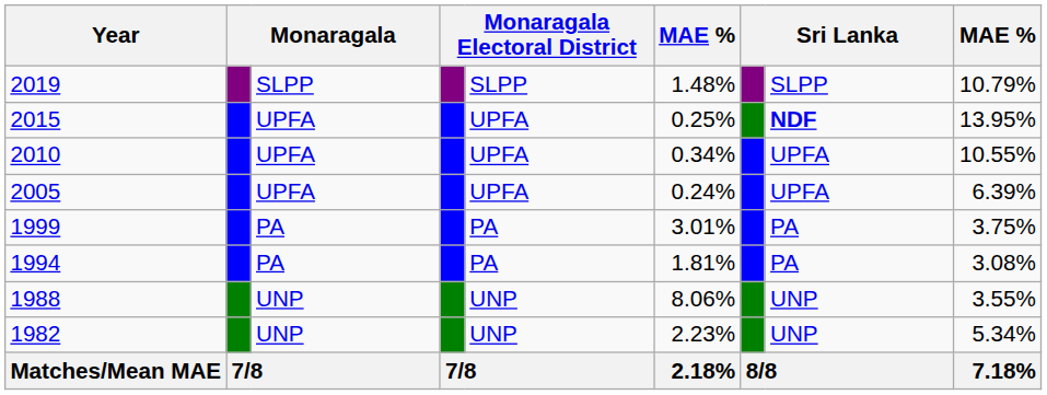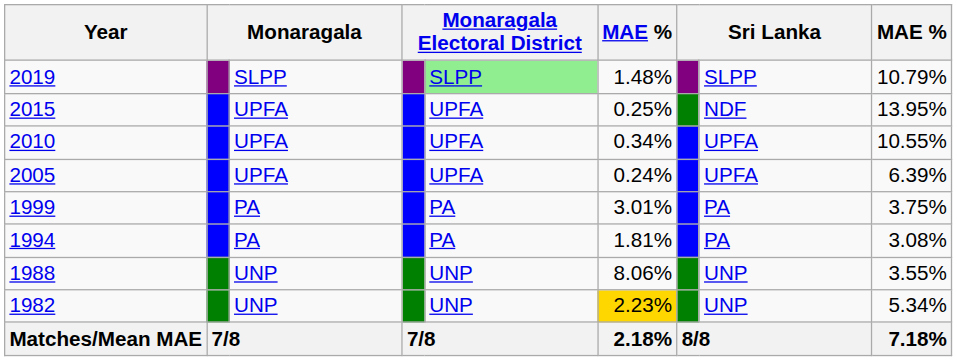 <table class="wikitable">
 <tr>
 <th>Year</th>
 <th colspan="2" width="144px">Monaragala</th>
 <th colspan="2" width="144px"><a href='#'>Monaragala Electoral District</a></th>
 <th><a href='#'>MAE</a> %</th>
 <th colspan="2" width="144px">Sri Lanka</th>
 <th>MAE %</th>
 </tr>
 <tr>
 <td><a href='#'>2019</a></td>
 <td style="background-color:purple;" width="10px"></td>
 <td style="text-align:left;"><a href='#'>SLPP</a></td>
 <td style="background-color:purple;" width="10px"></td>
-<td style="text-align:left;"><a href='#'>SLPP</a></td>
+<td style="background: lightgreen; text-align:left;"><a href='#'>SLPP</a></td>
 <td style="text-align:right;">1.48%</td>
 <td style="background-color:purple;" width="10px"></td>
 <td style="text-align:left;"><a href='#'>SLPP</a></td>
 <td style="text-align:right;">10.79%</td>
 </tr>
 <tr>
 <td><a href='#'>2015</a></td>
 <td style="background-color:blue;" width="10px"></td>
 <td style="text-align:left;"><a href='#'>UPFA</a></td>
 <td style="background-color:blue;" width="10px"></td>
 <td style="text-align:left;"><a href='#'>UPFA</a></td>
 <td style="text-align:right;">0.25%</td>
 <td style="background-color:green;" width="10px"></td>
-<td style="text-align:left;"><strong><a href='#'>NDF</a></strong></td>
+<td style="text-align:left;"><a href='#'>NDF</a></td>
 <td style="text-align:right;">13.95%</td>
 </tr>
 <tr>
 <td><a href='#'>2010</a></td>
 <td style="background-color:blue;" width="10px"></td>
 <td style="text-align:left;"><a href='#'>UPFA</a></td>
 <td style="background-color:blue;" width="10px"></td>
 <td style="text-align:left;"><a href='#'>UPFA</a></td>
 <td style="text-align:right;">0.34%</td>
 <td style="background-color:blue;" width="10px"></td>
 <td style="text-align:left;"><a href='#'>UPFA</a></td>
 <td style="text-align:right;">10.55%</td>
 </tr>
 <tr>
 <td><a href='#'>2005</a></td>
 <td style="background-color:blue;" width="10px"></td>
 <td style="text-align:left;"><a href='#'>UPFA</a></td>
 <td style="background-color:blue;" width="10px"></td>
 <td style="text-align:left;"><a href='#'>UPFA</a></td>
 <td style="text-align:right;">0.24%</td>
 <td style="background-color:blue;" width="10px"></td>
 <td style="text-align:left;"><a href='#'>UPFA</a></td>
 <td style="text-align:right;">6.39%</td>
 </tr>
 <tr>
 <td><a href='#'>1999</a></td>
 <td style="background-color:blue;" width="10px"></td>
 <td style="text-align:left;"><a href='#'>PA</a></td>
 <td style="background-color:blue;" width="10px"></td>
 <td style="text-align:left;"><a href='#'>PA</a></td>
 <td style="text-align:right;">3.01%</td>
 <td style="background-color:blue;" width="10px"></td>
 <td style="text-align:left;"><a href='#'>PA</a></td>
 <td style="text-align:right;">3.75%</td>
 </tr>
 <tr>
 <td><a href='#'>1994</a></td>
 <td style="background-color:blue;" width="10px"></td>
 <td style="text-align:left;"><a href='#'>PA</a></td>
 <td style="background-color:blue;" width="10px"></td>
 <td style="text-align:left;"><a href='#'>PA</a></td>
 <td style="text-align:right;">1.81%</td>
 <td style="background-color:blue;" width="10px"></td>
 <td style="text-align:left;"><a href='#'>PA</a></td>
 <td style="text-align:right;">3.08%</td>
 </tr>
 <tr>
 <td><a href='#'>1988</a></td>
 <td style="background-color:green;" width="10px"></td>
 <td style="text-align:left;"><a href='#'>UNP</a></td>
 <td style="background-color:green;" width="10px"></td>
 <td style="text-align:left;"><a href='#'>UNP</a></td>
 <td style="text-align:right;">8.06%</td>
 <td style="background-color:green;" width="10px"></td>
 <td style="text-align:left;"><a href='#'>UNP</a></td>
 <td style="text-align:right;">3.55%</td>
 </tr>
 <tr>
 <td><a href='#'>1982</a></td>
 <td style="background-color:green;" width="10px"></td>
 <td style="text-align:left;"><a href='#'>UNP</a></td>
 <td style="background-color:green;" width="10px"></td>
 <td style="text-align:left;"><a href='#'>UNP</a></td>
-<td style="text-align:right;">2.23%</td>
+<td style="background: gold; text-align:right;">2.23%</td>
 <td style="background-color:green;" width="10px"></td>
 <td style="text-align:left;"><a href='#'>UNP</a></td>
 <td style="text-align:right;">5.34%</td>
 </tr>
 <tr>
 <th>Matches/Mean MAE</th>
 <th style="text-align:left;"colspan="2" width="144px">7/8</th>
 <th style="text-align:left;"colspan="2" width="144px">7/8</th>
 <th style="text-align:right;">2.18%</th>
 <th style="text-align:left;"colspan="2" width="144px">8/8</th>
 <th style="text-align:right;">7.18%</th>
 </tr>
 </table>
